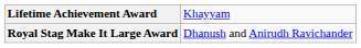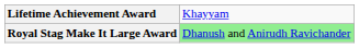 <table class="wikitable">
 <tr>
 <th style="text-align: left; width:50%;">Lifetime Achievement Award</th>
 <td><a href='#'>Khayyam</a></td>
 </tr>
 <tr>
 <th style="text-align: left;">Royal Stag Make It Large Award</th>
-<td><a href='#'>Dhanush</a> and <a href='#'>Anirudh Ravichander</a></td>
+<td style="background: lightgreen;"><a href='#'>Dhanush</a> and <a href='#'>Anirudh Ravichander</a></td>
 </tr>
 </table>
